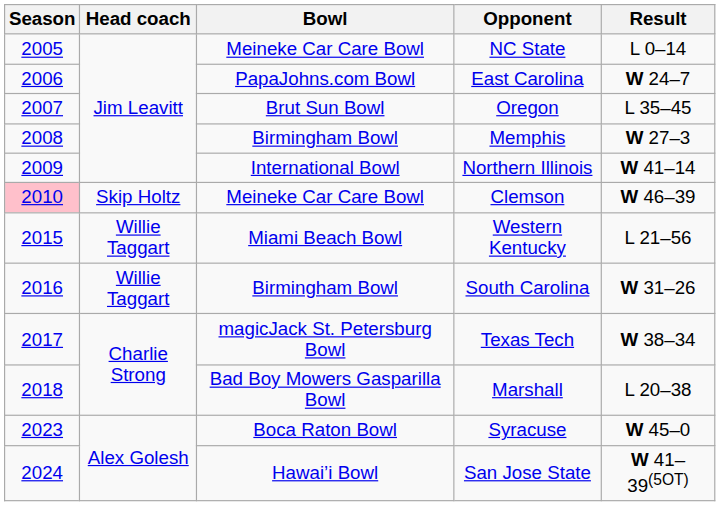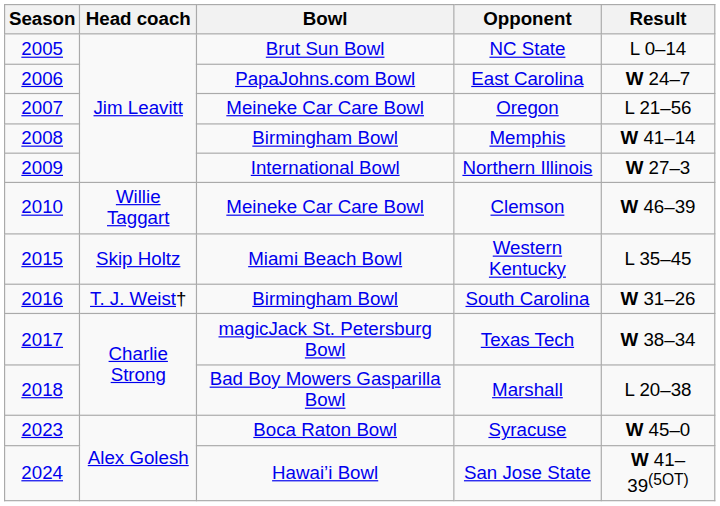 <table class="wikitable sortable" style="text-align:center;">
 <tr>
 <th style="text-align:center;">Season</th>
 <th style="text-align:center;">Head coach</th>
 <th style="text-align:center;">Bowl</th>
 <th style="text-align:center;">Opponent</th>
 <th style="text-align:center;">Result</th>
 </tr>
 <tr>
 <td><a href='#'>2005</a></td>
 <td rowspan="5"><a href='#'>Jim Leavitt</a></td>
-<td><a href='#'>Meineke Car Care Bowl</a></td>
+<td><a href='#'>Brut Sun Bowl</a></td>
 <td><a href='#'>NC State</a></td>
 <td>L 0–14</td>
 </tr>
 <tr>
 <td><a href='#'>2006</a></td>
 <td><a href='#'>PapaJohns.com Bowl</a></td>
 <td><a href='#'>East Carolina</a></td>
 <td><strong>W</strong> 24–7</td>
 </tr>
 <tr>
 <td><a href='#'>2007</a></td>
-<td><a href='#'>Brut Sun Bowl</a></td>
+<td><a href='#'>Meineke Car Care Bowl</a></td>
 <td><a href='#'>Oregon</a></td>
-<td>L 35–45</td>
+<td>L 21–56</td>
 </tr>
 <tr>
 <td><a href='#'>2008</a></td>
 <td><a href='#'>Birmingham Bowl</a></td>
 <td><a href='#'>Memphis</a></td>
-<td><strong>W</strong> 27–3</td>
+<td><strong>W</strong> 41–14</td>
 </tr>
 <tr>
 <td><a href='#'>2009</a></td>
 <td><a href='#'>International Bowl</a></td>
 <td><a href='#'>Northern Illinois</a></td>
-<td><strong>W</strong> 41–14</td>
+<td><strong>W</strong> 27–3</td>
 </tr>
 <tr>
-<td style="background: pink;"><a href='#'>2010</a></td>
-<td><a href='#'>Skip Holtz</a></td>
+<td><a href='#'>2010</a></td>
+<td><a href='#'>Willie Taggart</a></td>
 <td><a href='#'>Meineke Car Care Bowl</a></td>
 <td><a href='#'>Clemson</a></td>
 <td><strong>W</strong> 46–39</td>
 </tr>
 <tr>
 <td><a href='#'>2015</a></td>
-<td><a href='#'>Willie Taggart</a></td>
+<td><a href='#'>Skip Holtz</a></td>
 <td><a href='#'>Miami Beach Bowl</a></td>
 <td><a href='#'>Western Kentucky</a></td>
-<td>L 21–56</td>
+<td>L 35–45</td>
 </tr>
 <tr>
 <td><a href='#'>2016</a></td>
-<td><a href='#'>Willie Taggart</a></td>
+<td><a href='#'>T. J. Weist</a>†</td>
 <td><a href='#'>Birmingham Bowl</a></td>
 <td><a href='#'>South Carolina</a></td>
 <td><strong>W</strong> 31–26</td>
 </tr>
 <tr>
 <td><a href='#'>2017</a></td>
 <td rowspan="2"><a href='#'>Charlie Strong</a></td>
 <td><a href='#'>magicJack St. Petersburg Bowl</a></td>
 <td><a href='#'>Texas Tech</a></td>
 <td><strong>W</strong> 38–34</td>
 </tr>
 <tr>
 <td><a href='#'>2018</a></td>
 <td><a href='#'>Bad Boy Mowers Gasparilla Bowl</a></td>
 <td><a href='#'>Marshall</a></td>
 <td>L 20–38</td>
 </tr>
 <tr>
 <td><a href='#'>2023</a></td>
 <td rowspan="2"><a href='#'>Alex Golesh</a></td>
 <td><a href='#'>Boca Raton Bowl</a></td>
 <td><a href='#'>Syracuse</a></td>
 <td><strong>W</strong> 45–0</td>
 </tr>
 <tr>
 <td><a href='#'>2024</a></td>
 <td><a href='#'>Hawai’i Bowl</a></td>
 <td><a href='#'>San Jose State</a></td>
 <td><strong>W</strong> 41–39<sup>(5OT)</sup></td>
 </tr>
 </table>
